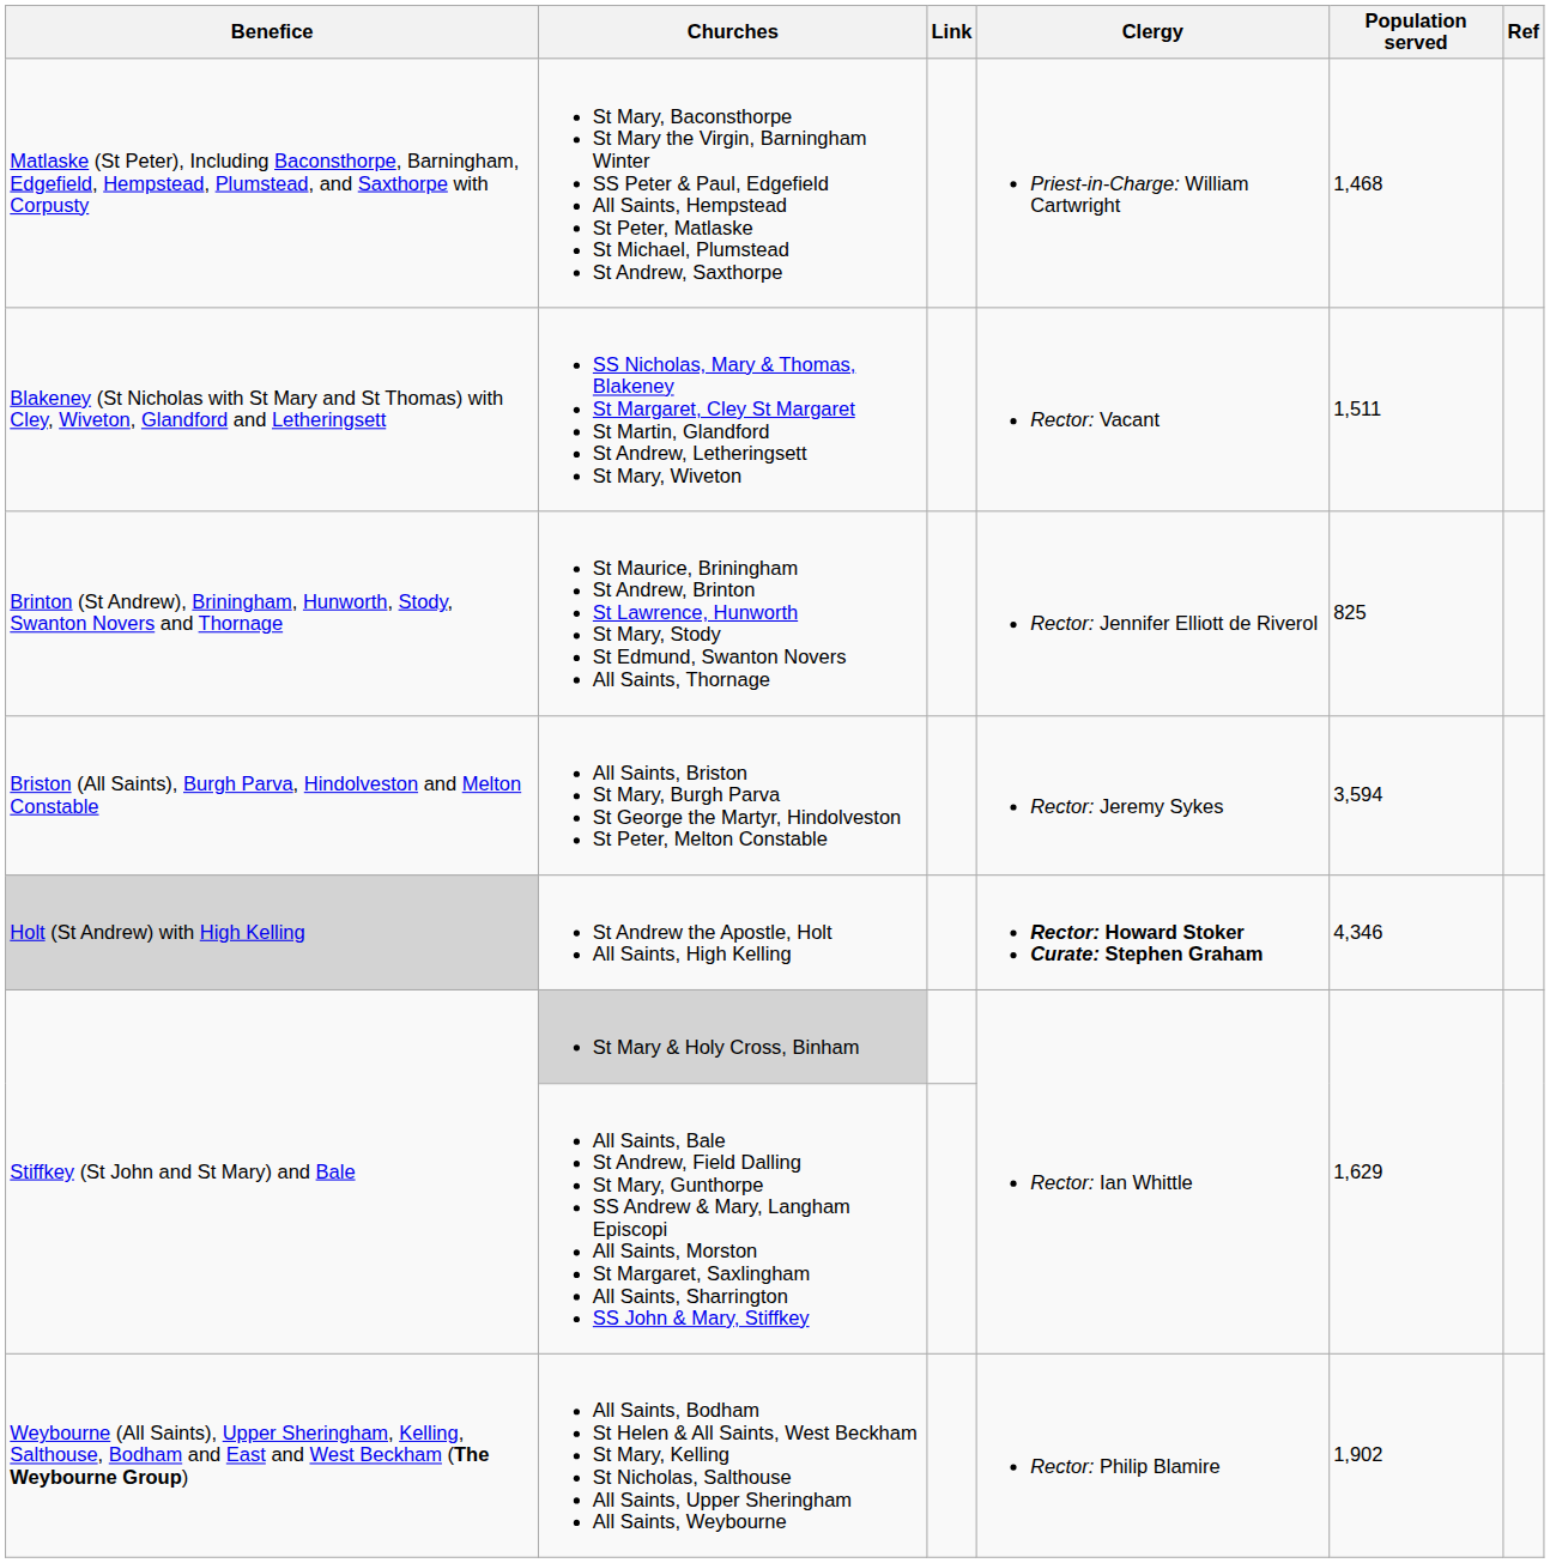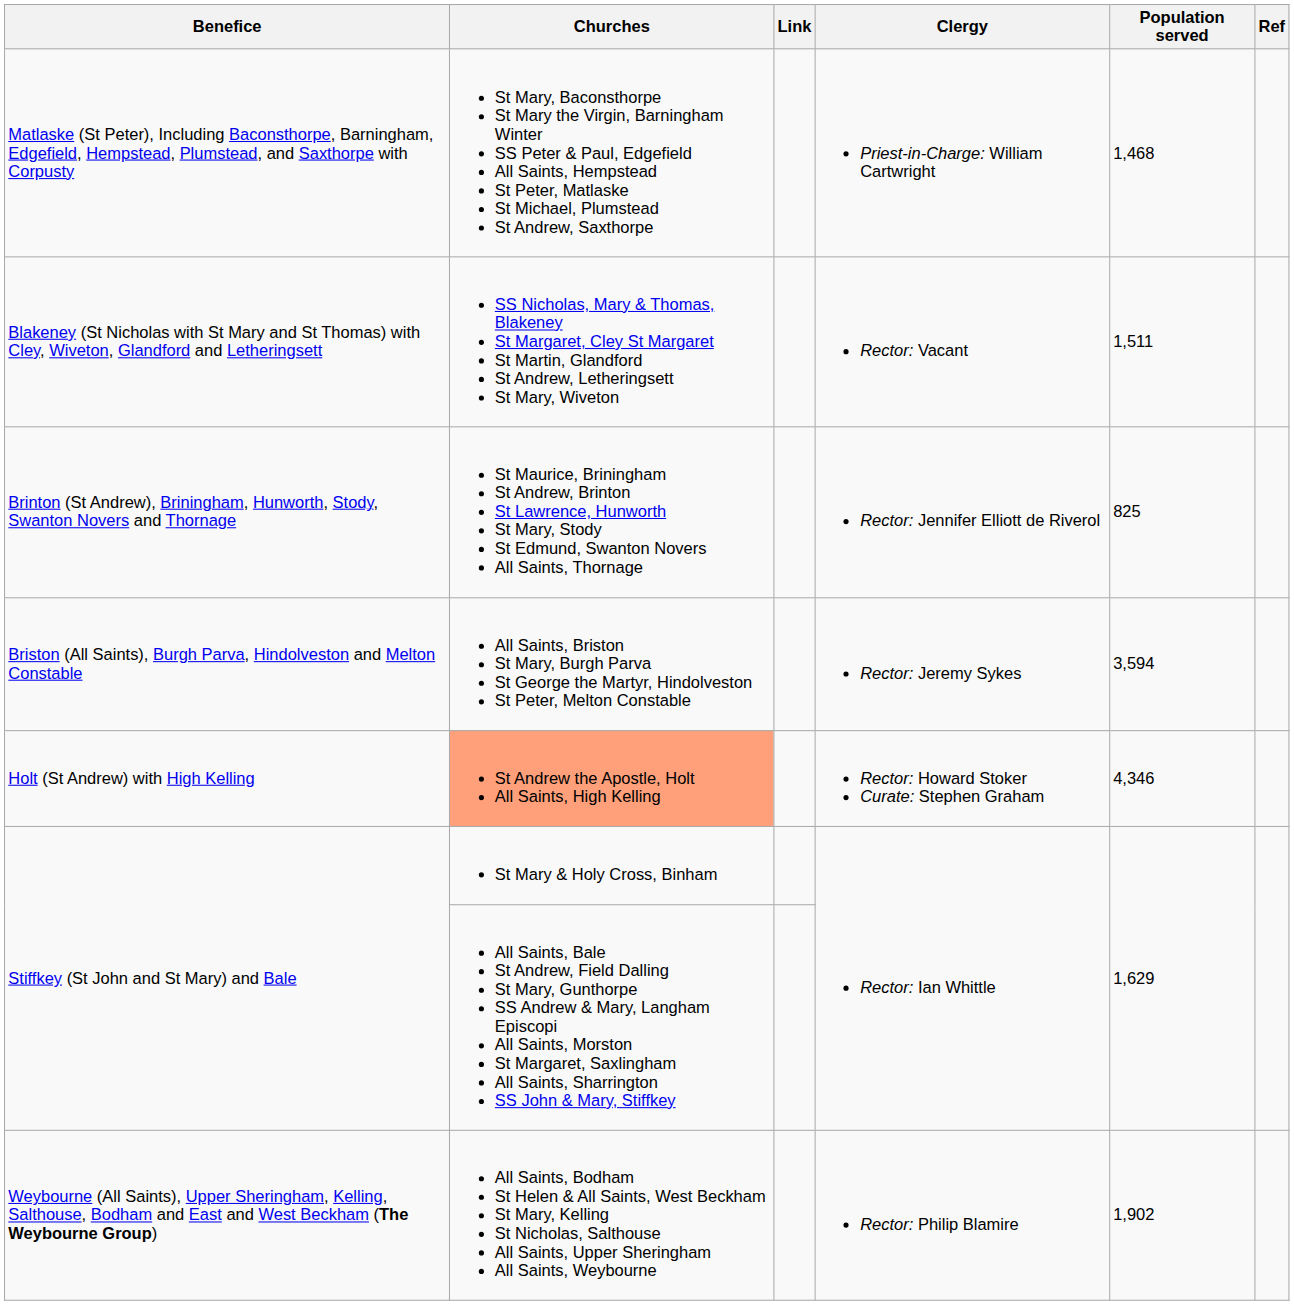 <table class="wikitable">
 <tr>
 <th width="425">Benefice</th>
 <th>Churches</th>
 <th>Link</th>
 <th>Clergy</th>
 <th>Population served</th>
 <th>Ref</th>
 </tr>
 <tr>
 <td><a href='#'>Matlaske</a> (St Peter), Including <a href='#'>Baconsthorpe</a>, Barningham, <a href='#'>Edgefield</a>, <a href='#'>Hempstead</a>, <a href='#'>Plumstead</a>, and <a href='#'>Saxthorpe</a> with <a href='#'>Corpusty</a></td>
 <td><br><ul><li>St Mary, Baconsthorpe</li><li>St Mary the Virgin, Barningham Winter</li><li>SS Peter & Paul, Edgefield</li><li>All Saints, Hempstead</li><li>St Peter, Matlaske</li><li>St Michael, Plumstead</li><li>St Andrew, Saxthorpe</li></ul></td>
 <td></td>
 <td><br><ul><li><em>Priest-in-Charge:</em> William Cartwright</li></ul></td>
 <td>1,468</td>
 <td></td>
 </tr>
 <tr>
 <td><a href='#'>Blakeney</a> (St Nicholas with St Mary and St Thomas) with <a href='#'>Cley</a>, <a href='#'>Wiveton</a>, <a href='#'>Glandford</a> and <a href='#'>Letheringsett</a></td>
 <td><br><ul><li><a href='#'>SS Nicholas, Mary & Thomas, Blakeney</a> </li><li><a href='#'>St Margaret, Cley St Margaret</a></li><li>St Martin, Glandford</li><li>St Andrew, Letheringsett</li><li>St Mary, Wiveton</li></ul></td>
 <td></td>
 <td><br><ul><li><em>Rector:</em> Vacant</li></ul></td>
 <td>1,511</td>
 <td></td>
 </tr>
 <tr>
 <td><a href='#'>Brinton</a> (St Andrew), <a href='#'>Briningham</a>, <a href='#'>Hunworth</a>, <a href='#'>Stody</a>, <a href='#'>Swanton Novers</a> and <a href='#'>Thornage</a></td>
 <td><br><ul><li>St Maurice, Briningham</li><li>St Andrew, Brinton</li><li><a href='#'>St Lawrence, Hunworth</a></li><li>St Mary, Stody</li><li>St Edmund, Swanton Novers</li><li>All Saints, Thornage</li></ul></td>
 <td></td>
 <td><br><ul><li><em>Rector:</em> Jennifer Elliott de Riverol</li></ul></td>
 <td>825</td>
 <td></td>
 </tr>
 <tr>
 <td><a href='#'>Briston</a> (All Saints), <a href='#'>Burgh Parva</a>, <a href='#'>Hindolveston</a> and <a href='#'>Melton Constable</a></td>
 <td><br><ul><li>All Saints, Briston</li><li>St Mary, Burgh Parva</li><li>St George the Martyr, Hindolveston</li><li>St Peter, Melton Constable</li></ul></td>
 <td></td>
 <td><br><ul><li><em>Rector:</em> Jeremy Sykes</li></ul></td>
 <td>3,594</td>
 <td></td>
 </tr>
 <tr>
-<td style="background: lightgrey;"><a href='#'>Holt</a> (St Andrew) with <a href='#'>High Kelling</a></td>
-<td><br><ul><li>St Andrew the Apostle, Holt</li><li>All Saints, High Kelling</li></ul></td>
+<td><a href='#'>Holt</a> (St Andrew) with <a href='#'>High Kelling</a></td>
+<td style="background: lightsalmon;"><br><ul><li>St Andrew the Apostle, Holt</li><li>All Saints, High Kelling</li></ul></td>
 <td></td>
-<td><strong><br><ul><li><em>Rector:</em> Howard Stoker</li><li><em>Curate:</em> Stephen Graham</li></ul></strong></td>
+<td><br><ul><li><em>Rector:</em> Howard Stoker</li><li><em>Curate:</em> Stephen Graham</li></ul></td>
 <td>4,346</td>
 <td></td>
 </tr>
 <tr>
 <td rowspan="2"><a href='#'>Stiffkey</a> (St John and St Mary) and <a href='#'>Bale</a></td>
-<td style="background: lightgrey;"><br><ul><li>St Mary & Holy Cross, Binham</li></ul></td>
+<td><br><ul><li>St Mary & Holy Cross, Binham</li></ul></td>
 <td></td>
 <td rowspan="2"><br><ul><li><em>Rector:</em> Ian Whittle</li></ul></td>
 <td rowspan="2">1,629</td>
 <td rowspan="2"></td>
 </tr>
 <tr>
 <td><br><ul><li>All Saints, Bale</li><li>St Andrew, Field Dalling</li><li>St Mary, Gunthorpe</li><li>SS Andrew & Mary, Langham Episcopi</li><li>All Saints, Morston</li><li>St Margaret, Saxlingham</li><li>All Saints, Sharrington</li><li><a href='#'>SS John & Mary, Stiffkey</a></li></ul></td>
 <td></td>
 </tr>
 <tr>
 <td><a href='#'>Weybourne</a> (All Saints), <a href='#'>Upper Sheringham</a>, <a href='#'>Kelling</a>, <a href='#'>Salthouse</a>, <a href='#'>Bodham</a> and <a href='#'>East</a> and <a href='#'>West Beckham</a> (<strong>The Weybourne Group</strong>)</td>
 <td><br><ul><li>All Saints, Bodham</li><li>St Helen & All Saints, West Beckham</li><li>St Mary, Kelling</li><li>St Nicholas, Salthouse</li><li>All Saints, Upper Sheringham</li><li>All Saints, Weybourne</li></ul></td>
 <td></td>
 <td><br><ul><li><em>Rector:</em> Philip Blamire</li></ul></td>
 <td>1,902</td>
 <td></td>
 </tr>
 </table>
